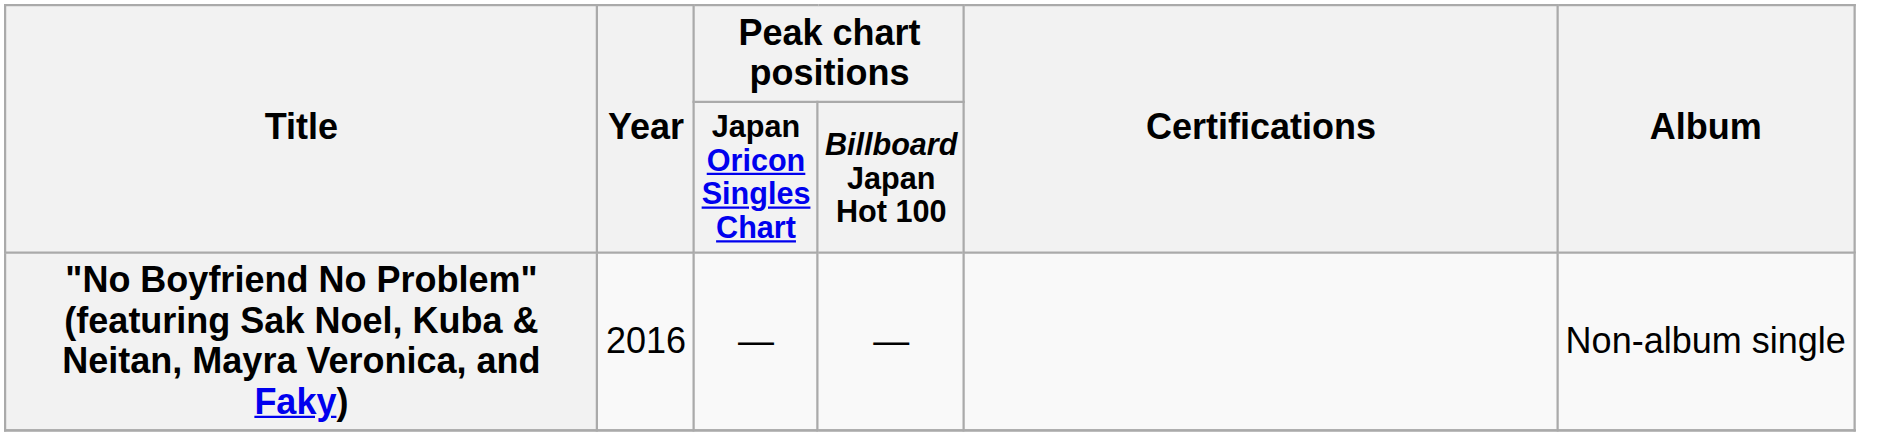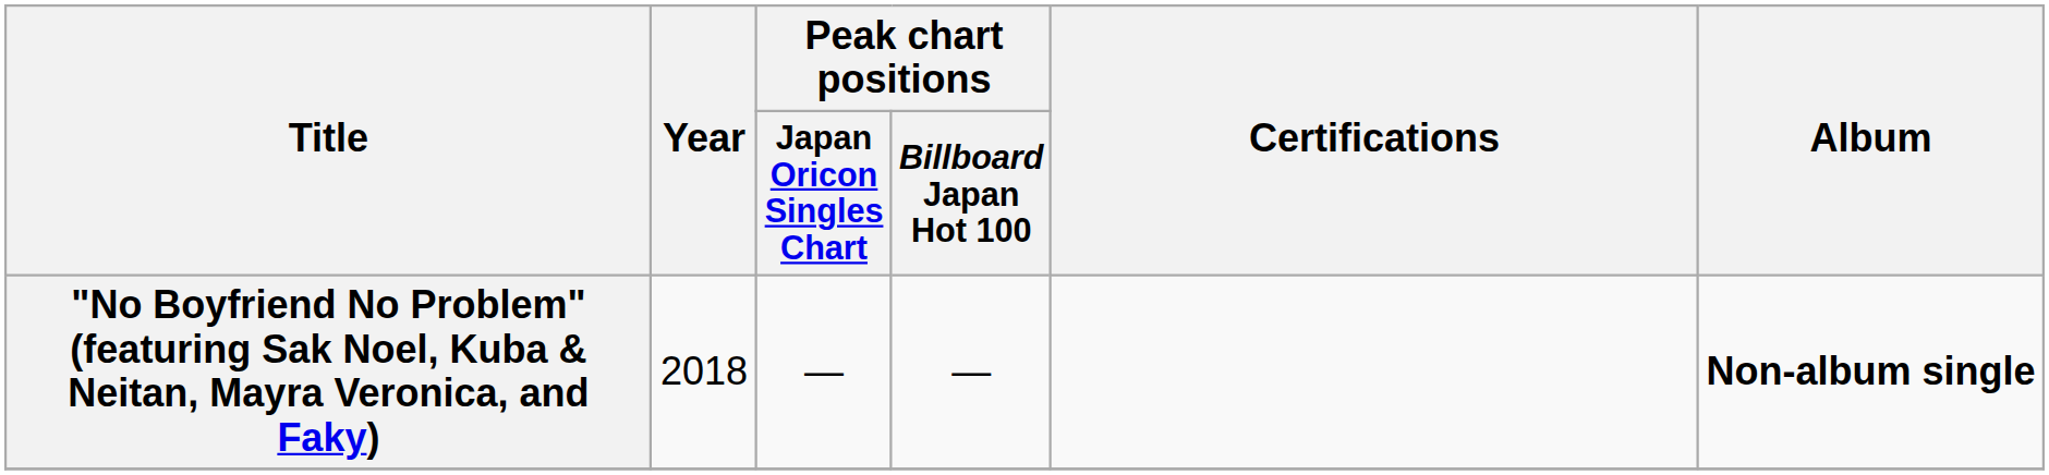 <table class="wikitable plainrowheaders" style="text-align:center;">
 <tr>
 <th scope="col" rowspan="2" style="width:16em;">Title</th>
 <th scope="col" rowspan="2">Year</th>
 <th scope="col" colspan="2">Peak chart positions</th>
 <th scope="col" rowspan="2" style="width:16em;">Certifications</th>
 <th scope="col" rowspan="2">Album</th>
 </tr>
 <tr>
 <th style="width:3em;font-size:85%">Japan <a href='#'>Oricon Singles Chart</a></th>
 <th style="width:3em;font-size:85%"><em>Billboard</em> Japan Hot 100<br></th>
 </tr>
 <tr>
 <th scope="row">"No Boyfriend No Problem" (featuring Sak Noel, Kuba & Neitan, Mayra Veronica, and <a href='#'>Faky</a>)</th>
-<td>2016</td>
+<td>2018</td>
 <td>—</td>
 <td>—</td>
 <td></td>
-<td rowspan="1">Non-album single</td>
+<td rowspan="1"><strong>Non-album single</strong></td>
 </tr>
 <tr>
 </tr>
 </table>
